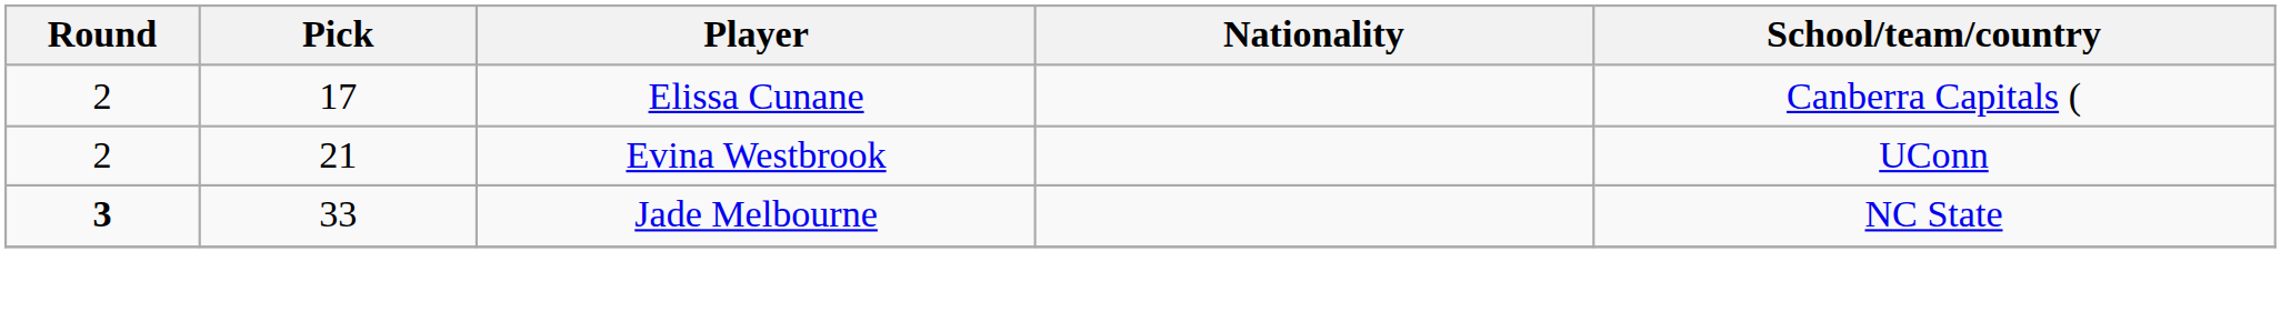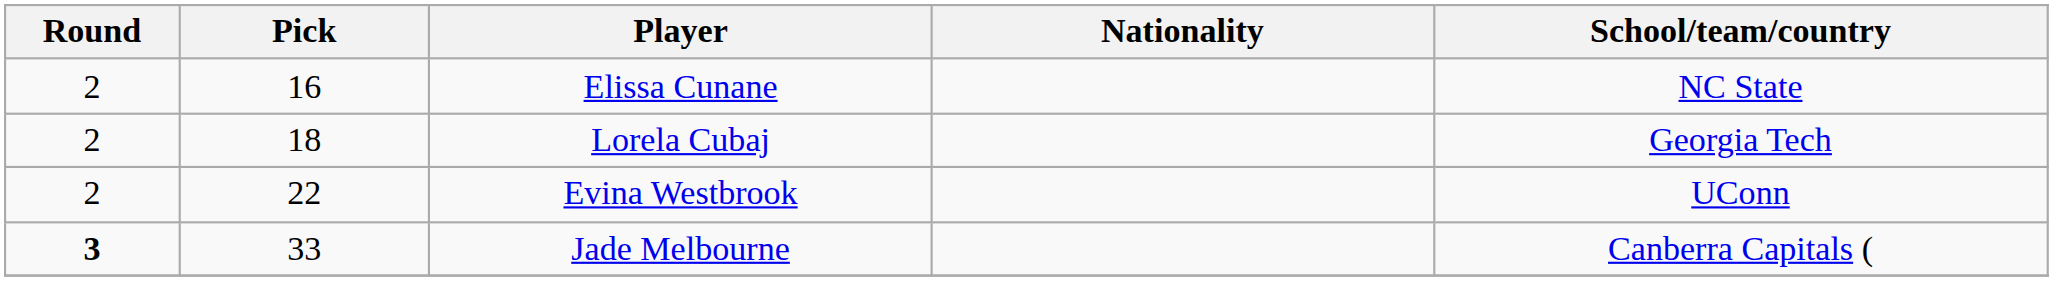 <table class="wikitable" style="text-align:center; width:60em">
 <tr>
 <th width="2%">Round</th>
 <th width="5%">Pick</th>
 <th width="10%">Player</th>
 <th width="10%">Nationality</th>
 <th width="10%">School/team/country</th>
 </tr>
 <tr>
 <td>2</td>
-<td>17</td>
+<td>16</td>
 <td><a href='#'>Elissa Cunane</a></td>
 <td></td>
-<td><a href='#'>Canberra Capitals</a> (</td>
+<td><a href='#'>NC State</a></td>
 </tr>
 <tr>
 <td>2</td>
-<td>21</td>
+<td>18</td>
+<td><a href='#'>Lorela Cubaj</a></td>
+<td></td>
+<td><a href='#'>Georgia Tech</a></td>
+</tr>
+<tr>
+<td>2</td>
+<td>22</td>
 <td><a href='#'>Evina Westbrook</a></td>
 <td></td>
 <td><a href='#'>UConn</a></td>
 </tr>
 <tr>
 <td><strong>3</strong></td>
 <td>33</td>
 <td><a href='#'>Jade Melbourne</a></td>
 <td></td>
-<td><a href='#'>NC State</a></td>
+<td><a href='#'>Canberra Capitals</a> (</td>
 </tr>
 <tr>
 </tr>
 </table>
